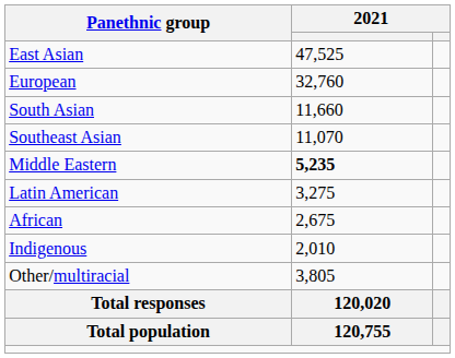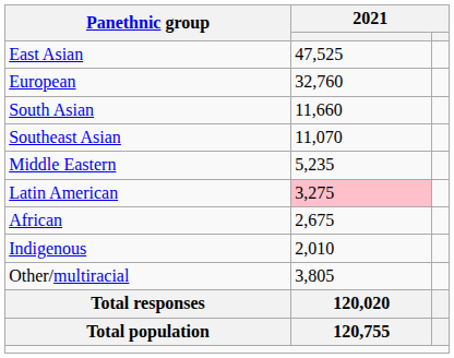 <table class="wikitable collapsible sortable">
 <tr>
 <th rowspan="2"><a href='#'>Panethnic</a> group</th>
 <th colspan="2">2021</th>
 </tr>
 <tr>
 <th><a href='#'></a></th>
 <th></th>
 </tr>
 <tr>
 <td><a href='#'>East Asian</a></td>
 <td>47,525</td>
 <td></td>
 </tr>
 <tr>
 <td><a href='#'>European</a></td>
 <td>32,760</td>
 <td></td>
 </tr>
 <tr>
 <td><a href='#'>South Asian</a></td>
 <td>11,660</td>
 <td></td>
 </tr>
 <tr>
 <td><a href='#'>Southeast Asian</a></td>
 <td>11,070</td>
 <td></td>
 </tr>
 <tr>
 <td><a href='#'>Middle Eastern</a></td>
-<td><strong>5,235</strong></td>
+<td>5,235</td>
 <td></td>
 </tr>
 <tr>
 <td><a href='#'>Latin American</a></td>
-<td>3,275</td>
+<td style="background: pink;">3,275</td>
 <td></td>
 </tr>
 <tr>
 <td><a href='#'>African</a></td>
 <td>2,675</td>
 <td></td>
 </tr>
 <tr>
 <td><a href='#'>Indigenous</a></td>
 <td>2,010</td>
 <td></td>
 </tr>
 <tr>
 <td>Other/<a href='#'>multiracial</a></td>
 <td>3,805</td>
 <td></td>
 </tr>
 <tr>
 <th>Total responses</th>
 <th>120,020</th>
 <th></th>
 </tr>
 <tr class="sortbottom">
 <th>Total population</th>
 <th>120,755</th>
 <th></th>
 </tr>
 <tr class="sortbottom">
 <td colspan="15" style="width: 25em;"></td>
 </tr>
 </table>
